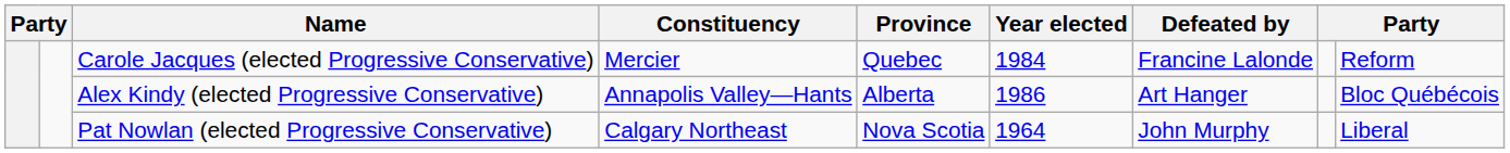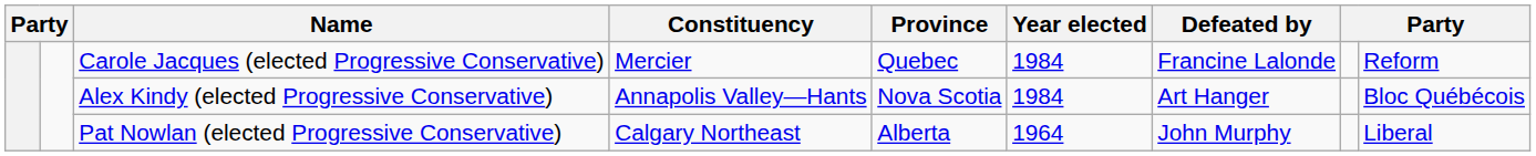 <table class="wikitable sortable" style="font-size: 95%;">
 <tr>
 <th colspan="2">Party</th>
 <th>Name</th>
 <th>Constituency</th>
 <th>Province</th>
 <th>Year elected</th>
 <th>Defeated by</th>
 <th colspan="2">Party</th>
 </tr>
 <tr>
 <th rowspan="3"></th>
 <td rowspan="3"></td>
 <td><a href='#'>Carole Jacques</a> (elected <a href='#'>Progressive Conservative</a>)</td>
 <td><a href='#'>Mercier</a></td>
 <td><a href='#'>Quebec</a></td>
 <td><a href='#'>1984</a></td>
 <td><a href='#'>Francine Lalonde</a></td>
 <td> </td>
 <td><a href='#'>Reform</a></td>
 </tr>
 <tr>
 <td><a href='#'>Alex Kindy</a> (elected <a href='#'>Progressive Conservative</a>)</td>
 <td><a href='#'>Annapolis Valley—Hants</a></td>
-<td><a href='#'>Alberta</a></td>
-<td><a href='#'>1986</a></td>
+<td><a href='#'>Nova Scotia</a></td>
+<td><a href='#'>1984</a></td>
 <td><a href='#'>Art Hanger</a></td>
 <td style="background-color: "></td>
 <td><a href='#'>Bloc Québécois</a></td>
 </tr>
 <tr>
 <td><a href='#'>Pat Nowlan</a> (elected <a href='#'>Progressive Conservative</a>)</td>
 <td><a href='#'>Calgary Northeast</a></td>
-<td><a href='#'>Nova Scotia</a></td>
+<td><a href='#'>Alberta</a></td>
 <td><a href='#'>1964</a></td>
 <td><a href='#'>John Murphy</a></td>
 <td> </td>
 <td><a href='#'>Liberal</a></td>
 </tr>
 </table>
